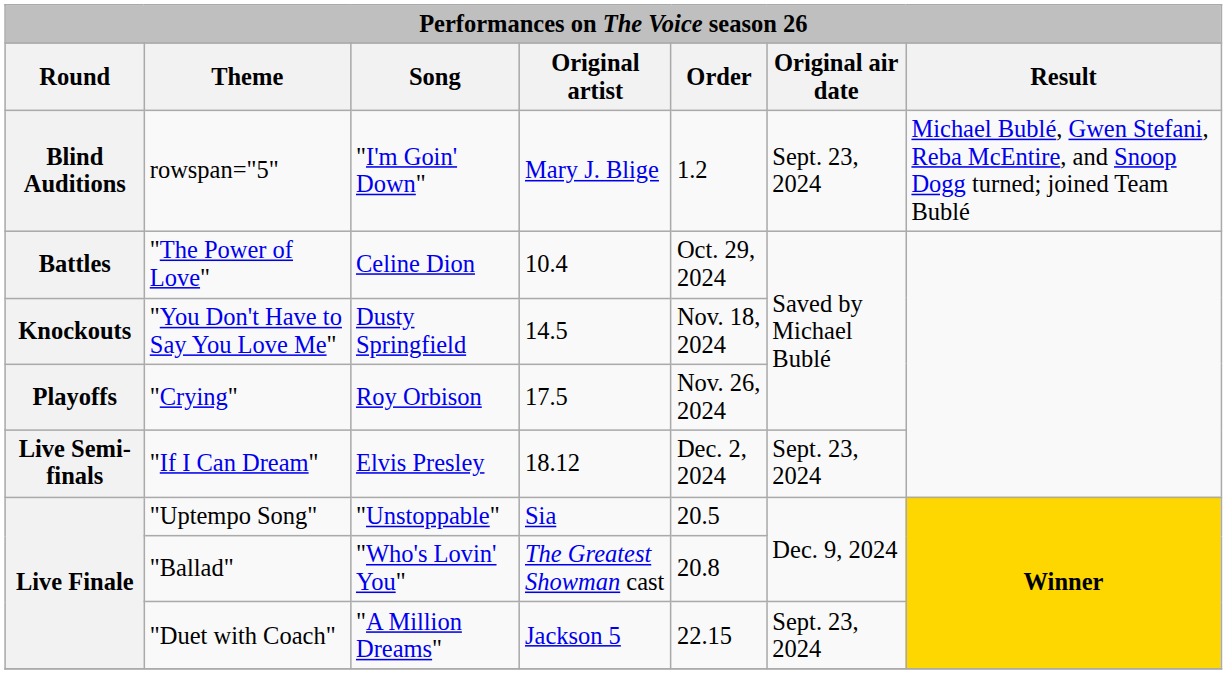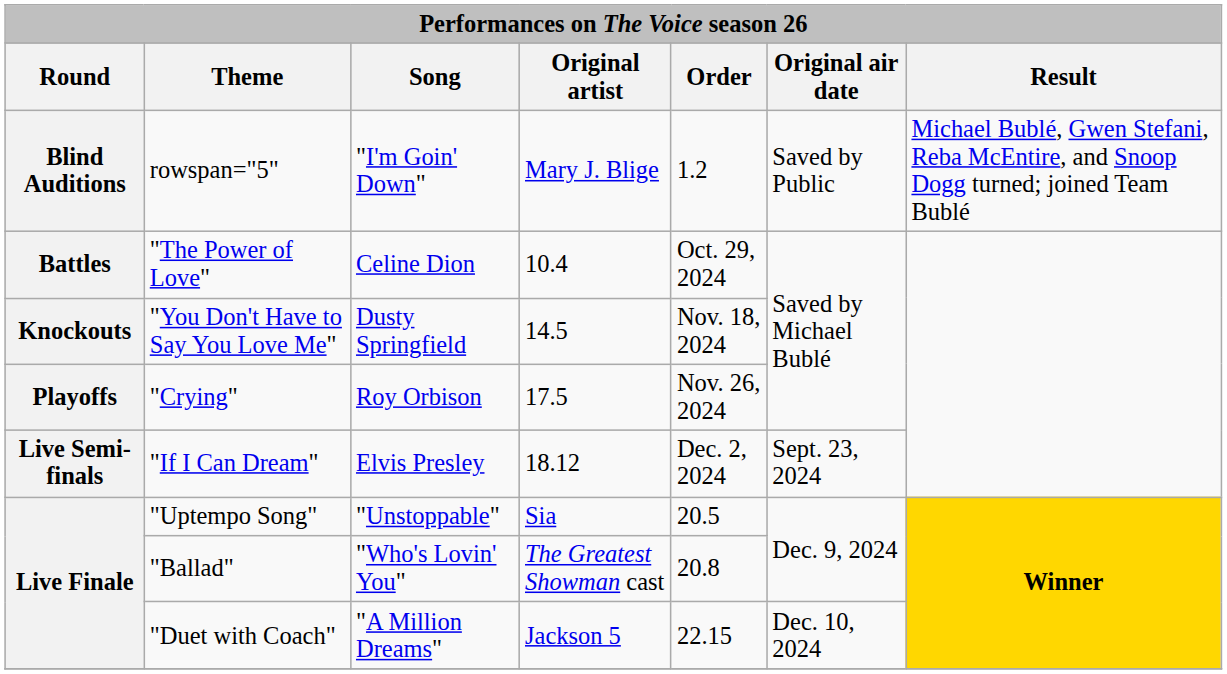 <table class="wikitable collapsible autocollapse" style="width:90%; margin:1em auto 1em auto;">
 <tr>
 <th colspan="7" style="background:#BFBFBF;">Performances on <em>The Voice</em> season 26</th>
 </tr>
 <tr>
 <th>Round</th>
 <th>Theme</th>
 <th>Song</th>
 <th>Original artist</th>
 <th>Order</th>
 <th>Original air date</th>
 <th>Result</th>
 </tr>
 <tr>
 <th scope="row">Blind Auditions</th>
 <td>rowspan="5" </td>
 <td>"<a href='#'>I'm Goin' Down</a>"</td>
 <td><a href='#'>Mary J. Blige</a></td>
 <td>1.2</td>
-<td>Sept. 23, 2024</td>
+<td>Saved by Public</td>
 <td><a href='#'>Michael Bublé</a>, <a href='#'>Gwen Stefani</a>, <a href='#'>Reba McEntire</a>, and <a href='#'>Snoop Dogg</a> turned; joined Team Bublé</td>
 </tr>
 <tr>
 <th scope="row">Battles<br></th>
 <td>"<a href='#'>The Power of Love</a>" </td>
 <td><a href='#'>Celine Dion</a></td>
 <td>10.4</td>
 <td>Oct. 29, 2024</td>
 <td rowspan="3">Saved by Michael Bublé</td>
 </tr>
 <tr>
 <th scope="row">Knockouts<br></th>
 <td>"<a href='#'>You Don't Have to Say You Love Me</a>" </td>
 <td><a href='#'>Dusty Springfield</a></td>
 <td>14.5</td>
 <td>Nov. 18, 2024</td>
 </tr>
 <tr>
 <th scope="row">Playoffs<br></th>
 <td>"<a href='#'>Crying</a>"</td>
 <td><a href='#'>Roy Orbison</a></td>
 <td>17.5</td>
 <td>Nov. 26, 2024</td>
 </tr>
 <tr>
 <th scope="row">Live Semi-finals<br></th>
 <td>"<a href='#'>If I Can Dream</a>"</td>
 <td><a href='#'>Elvis Presley</a></td>
 <td>18.12</td>
 <td>Dec. 2, 2024</td>
 <td>Sept. 23, 2024</td>
 </tr>
 <tr>
 <th rowspan=3>Live Finale<br></th>
 <td>"Uptempo Song"</td>
 <td>"<a href='#'>Unstoppable</a>"</td>
 <td><a href='#'>Sia</a></td>
 <td>20.5</td>
 <td rowspan="2">Dec. 9, 2024</td>
 <th rowspan=3 style="background:gold;">Winner</th>
 </tr>
 <tr>
 <td>"Ballad"</td>
 <td>"<a href='#'>Who's Lovin' You</a>" </td>
 <td><em><a href='#'>The Greatest Showman</a></em> cast</td>
 <td>20.8</td>
 </tr>
 <tr>
 <td>"Duet with Coach"</td>
 <td>"<a href='#'>A Million Dreams</a>"</td>
 <td><a href='#'>Jackson 5</a></td>
 <td>22.15</td>
-<td>Sept. 23, 2024</td>
+<td>Dec. 10, 2024</td>
 </tr>
 <tr>
 </tr>
 </table>
